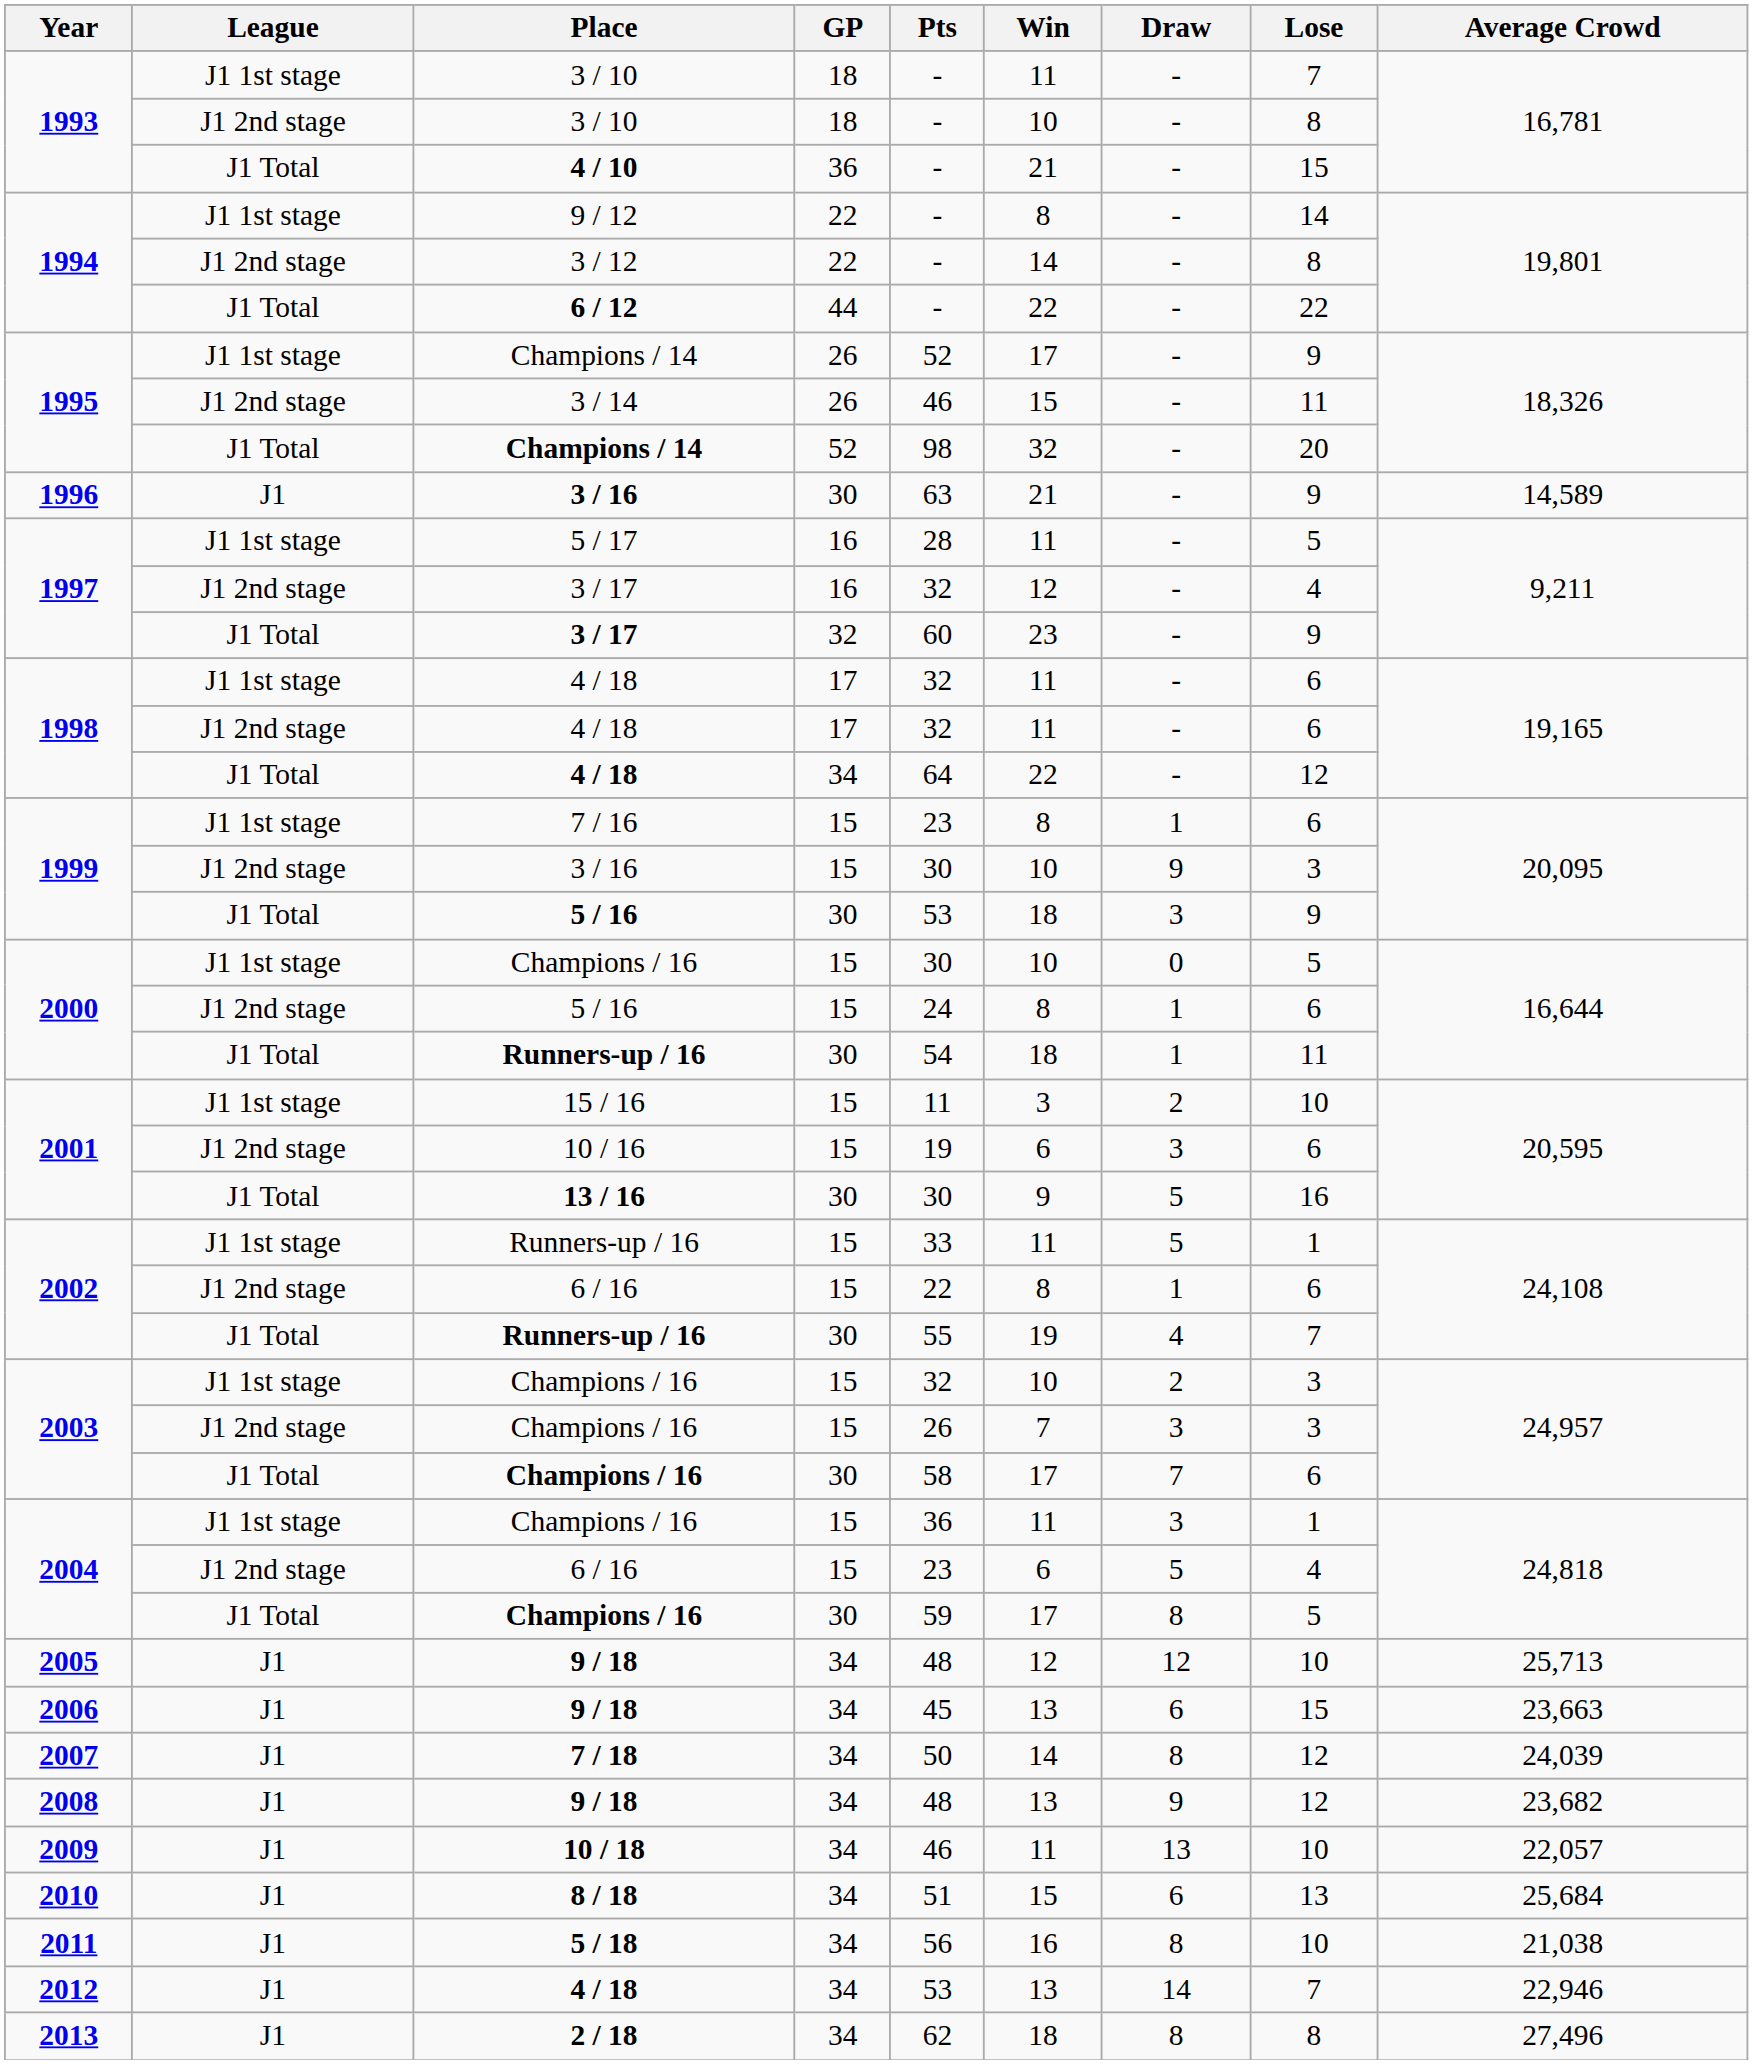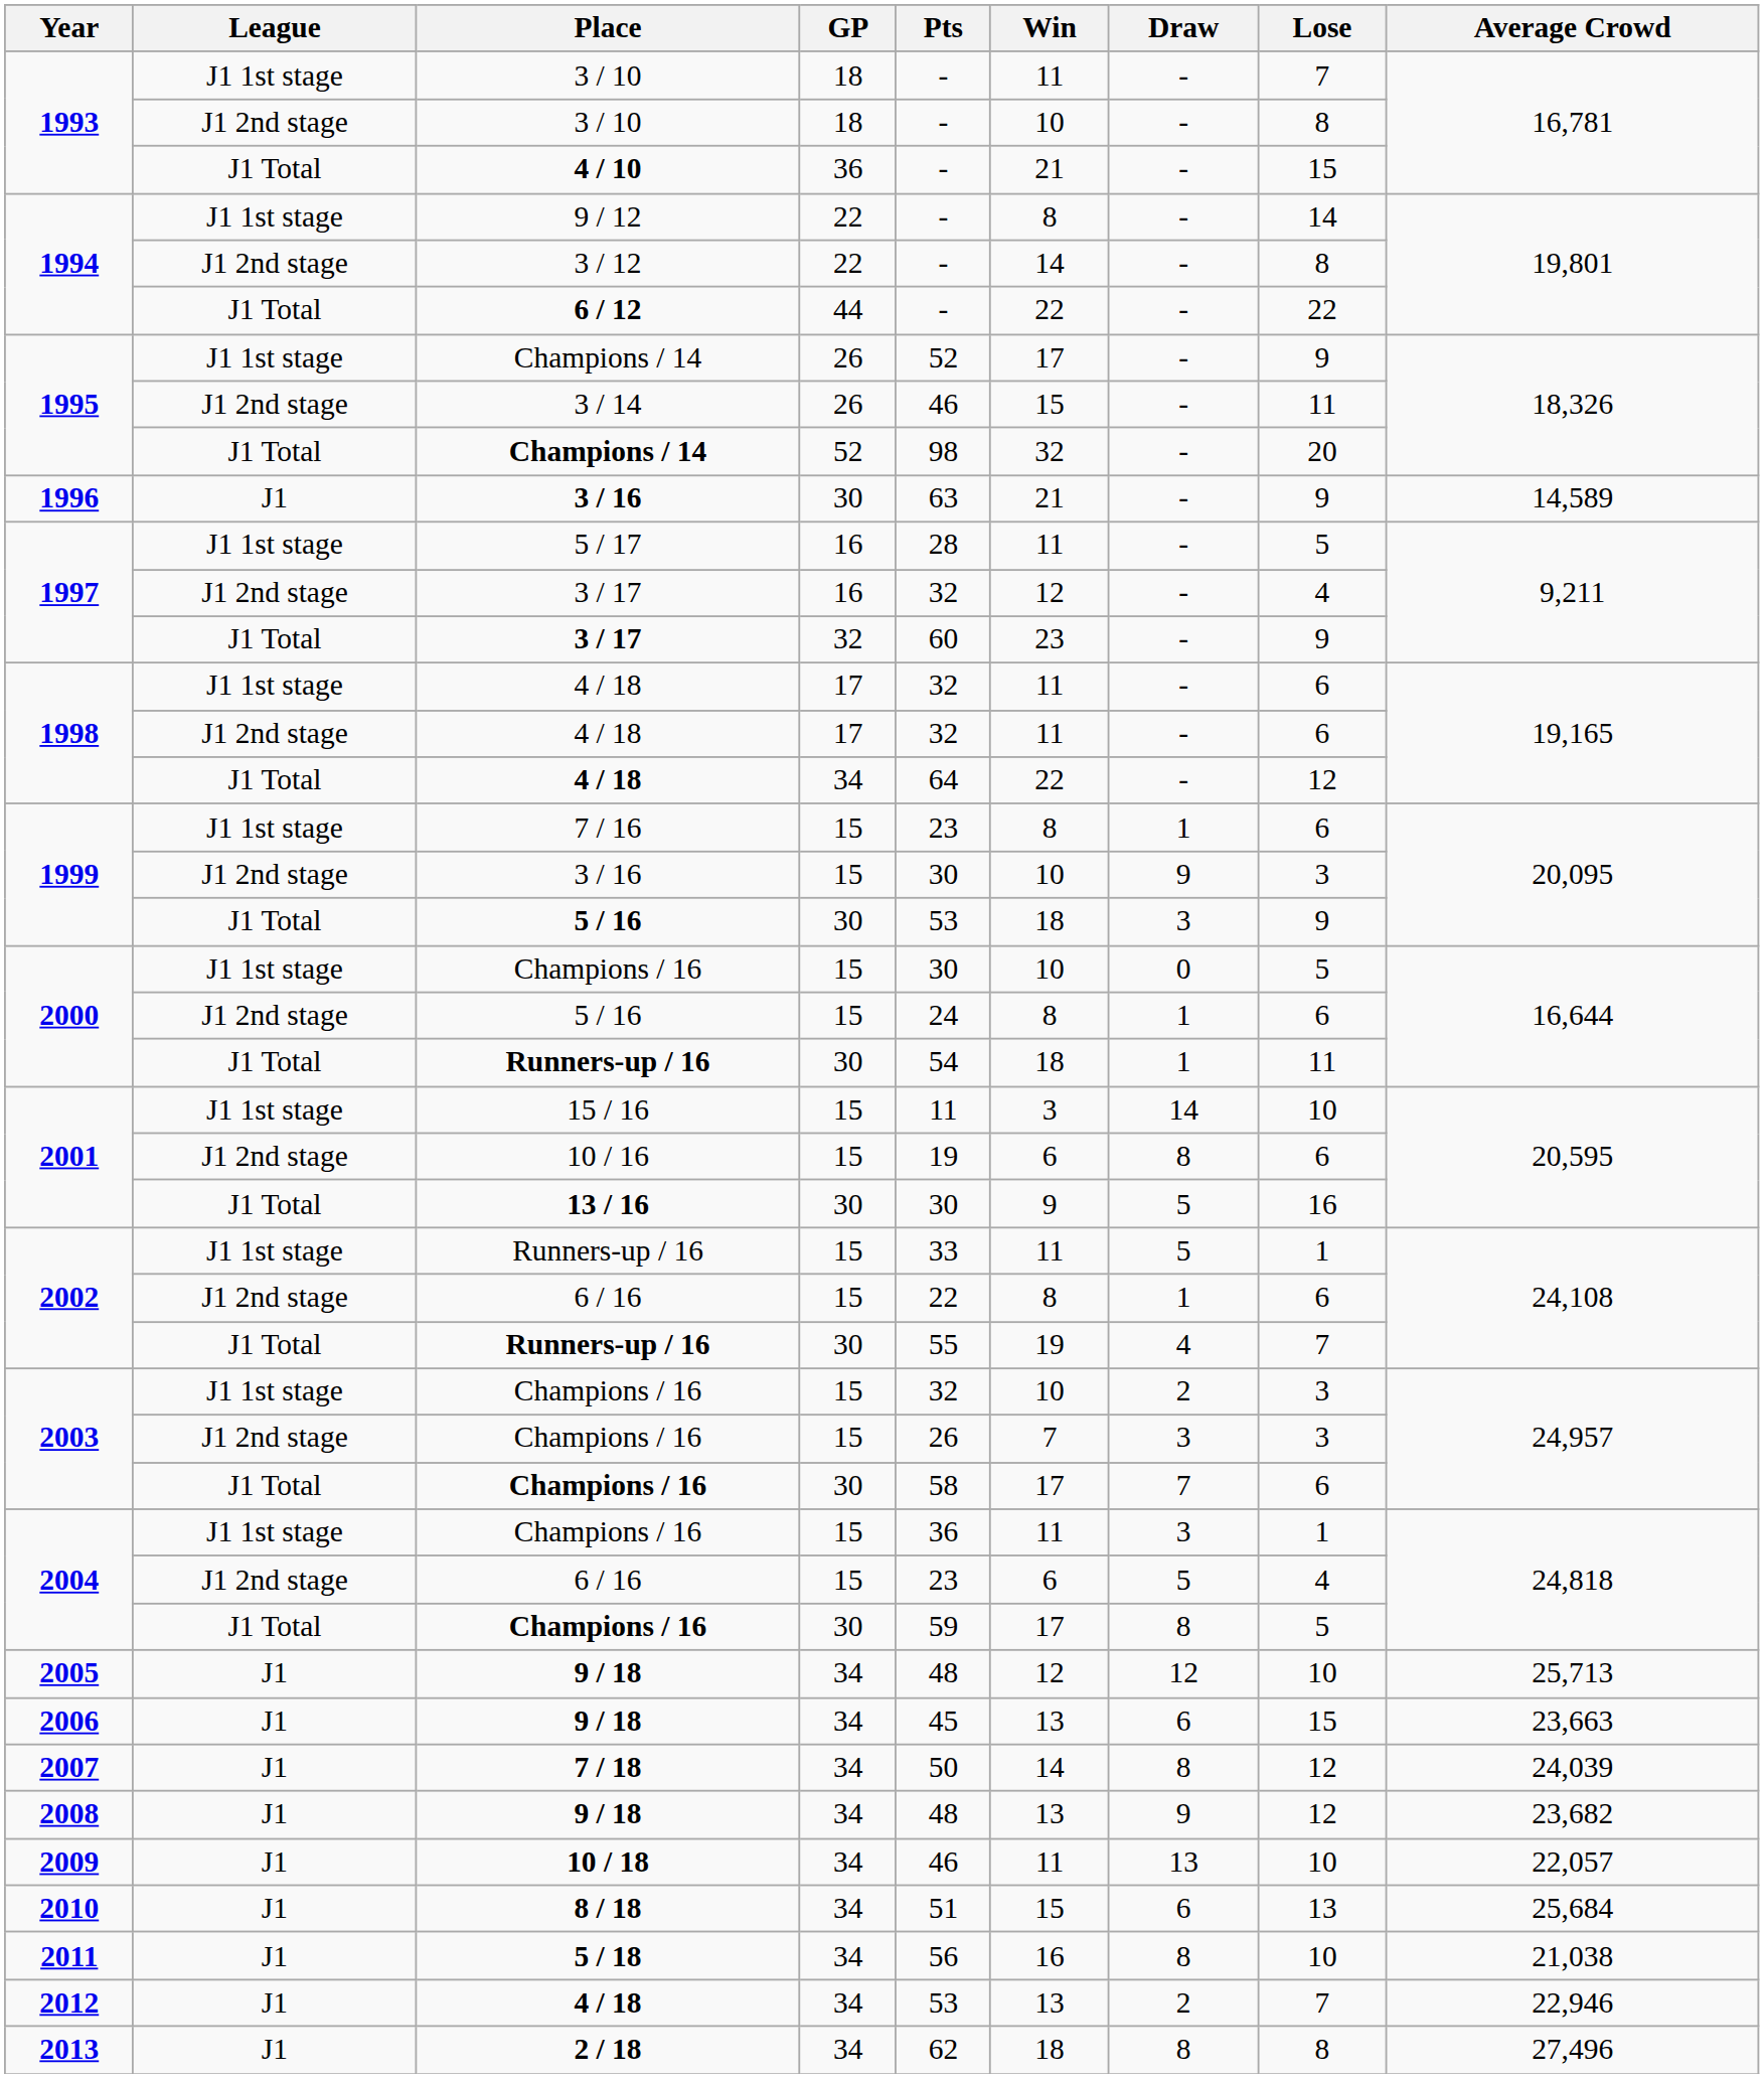 <table class="wikitable sortable" style="width:75%; align:center; text-align:center">
 <tr>
 <th>Year</th>
 <th>League</th>
 <th>Place</th>
 <th>GP</th>
 <th>Pts</th>
 <th>Win</th>
 <th>Draw</th>
 <th>Lose</th>
 <th>Average Crowd</th>
 </tr>
 <tr>
 <td rowspan="3"><strong><a href='#'>1993</a></strong></td>
 <td>J1 1st stage</td>
 <td>3 / 10</td>
 <td>18</td>
 <td>-</td>
 <td>11</td>
 <td>-</td>
 <td>7</td>
 <td rowspan="3">16,781</td>
 </tr>
 <tr>
 <td>J1 2nd stage</td>
 <td>3 / 10</td>
 <td>18</td>
 <td>-</td>
 <td>10</td>
 <td>-</td>
 <td>8</td>
 </tr>
 <tr>
 <td>J1 Total</td>
 <td><strong>4 / 10</strong></td>
 <td>36</td>
 <td>-</td>
 <td>21</td>
 <td>-</td>
 <td>15</td>
 </tr>
 <tr>
 <td rowspan="3"><strong><a href='#'>1994</a></strong></td>
 <td>J1 1st stage</td>
 <td>9 / 12</td>
 <td>22</td>
 <td>-</td>
 <td>8</td>
 <td>-</td>
 <td>14</td>
 <td rowspan="3">19,801</td>
 </tr>
 <tr>
 <td>J1 2nd stage</td>
 <td>3 / 12</td>
 <td>22</td>
 <td>-</td>
 <td>14</td>
 <td>-</td>
 <td>8</td>
 </tr>
 <tr>
 <td>J1 Total</td>
 <td><strong>6 / 12</strong></td>
 <td>44</td>
 <td>-</td>
 <td>22</td>
 <td>-</td>
 <td>22</td>
 </tr>
 <tr>
 <td rowspan="3"><strong><a href='#'>1995</a></strong></td>
 <td>J1 1st stage</td>
 <td>Champions / 14</td>
 <td>26</td>
 <td>52</td>
 <td>17</td>
 <td>-</td>
 <td>9</td>
 <td rowspan="3">18,326</td>
 </tr>
 <tr>
 <td>J1 2nd stage</td>
 <td>3 / 14</td>
 <td>26</td>
 <td>46</td>
 <td>15</td>
 <td>-</td>
 <td>11</td>
 </tr>
 <tr>
 <td>J1 Total</td>
 <td><strong>Champions / 14</strong></td>
 <td>52</td>
 <td>98</td>
 <td>32</td>
 <td>-</td>
 <td>20</td>
 </tr>
 <tr>
 <td><strong><a href='#'>1996</a></strong></td>
 <td>J1</td>
 <td><strong>3 / 16</strong></td>
 <td>30</td>
 <td>63</td>
 <td>21</td>
 <td>-</td>
 <td>9</td>
 <td>14,589</td>
 </tr>
 <tr>
 <td rowspan="3"><strong><a href='#'>1997</a></strong></td>
 <td>J1 1st stage</td>
 <td>5 / 17</td>
 <td>16</td>
 <td>28</td>
 <td>11</td>
 <td>-</td>
 <td>5</td>
 <td rowspan="3">9,211</td>
 </tr>
 <tr>
 <td>J1 2nd stage</td>
 <td>3 / 17</td>
 <td>16</td>
 <td>32</td>
 <td>12</td>
 <td>-</td>
 <td>4</td>
 </tr>
 <tr>
 <td>J1 Total</td>
 <td><strong>3 / 17</strong></td>
 <td>32</td>
 <td>60</td>
 <td>23</td>
 <td>-</td>
 <td>9</td>
 </tr>
 <tr>
 <td rowspan="3"><strong><a href='#'>1998</a></strong></td>
 <td>J1 1st stage</td>
 <td>4 / 18</td>
 <td>17</td>
 <td>32</td>
 <td>11</td>
 <td>-</td>
 <td>6</td>
 <td rowspan="3">19,165</td>
 </tr>
 <tr>
 <td>J1 2nd stage</td>
 <td>4 / 18</td>
 <td>17</td>
 <td>32</td>
 <td>11</td>
 <td>-</td>
 <td>6</td>
 </tr>
 <tr>
 <td>J1 Total</td>
 <td><strong>4 / 18</strong></td>
 <td>34</td>
 <td>64</td>
 <td>22</td>
 <td>-</td>
 <td>12</td>
 </tr>
 <tr>
 <td rowspan="3"><strong><a href='#'>1999</a></strong></td>
 <td>J1 1st stage</td>
 <td>7 / 16</td>
 <td>15</td>
 <td>23</td>
 <td>8</td>
 <td>1</td>
 <td>6</td>
 <td rowspan="3">20,095</td>
 </tr>
 <tr>
 <td>J1 2nd stage</td>
 <td>3 / 16</td>
 <td>15</td>
 <td>30</td>
 <td>10</td>
 <td>9</td>
 <td>3</td>
 </tr>
 <tr>
 <td>J1 Total</td>
 <td><strong>5 / 16</strong></td>
 <td>30</td>
 <td>53</td>
 <td>18</td>
 <td>3</td>
 <td>9</td>
 </tr>
 <tr>
 <td rowspan="3"><strong><a href='#'>2000</a></strong></td>
 <td>J1 1st stage</td>
 <td>Champions / 16</td>
 <td>15</td>
 <td>30</td>
 <td>10</td>
 <td>0</td>
 <td>5</td>
 <td rowspan="3">16,644</td>
 </tr>
 <tr>
 <td>J1 2nd stage</td>
 <td>5 / 16</td>
 <td>15</td>
 <td>24</td>
 <td>8</td>
 <td>1</td>
 <td>6</td>
 </tr>
 <tr>
 <td>J1 Total</td>
 <td><strong>Runners-up / 16</strong></td>
 <td>30</td>
 <td>54</td>
 <td>18</td>
 <td>1</td>
 <td>11</td>
 </tr>
 <tr>
 <td rowspan="3"><strong><a href='#'>2001</a></strong></td>
 <td>J1 1st stage</td>
 <td>15 / 16</td>
 <td>15</td>
 <td>11</td>
 <td>3</td>
-<td>2</td>
+<td>14</td>
 <td>10</td>
 <td rowspan="3">20,595</td>
 </tr>
 <tr>
 <td>J1 2nd stage</td>
 <td>10 / 16</td>
 <td>15</td>
 <td>19</td>
 <td>6</td>
-<td>3</td>
+<td>8</td>
 <td>6</td>
 </tr>
 <tr>
 <td>J1 Total</td>
 <td><strong>13 / 16</strong></td>
 <td>30</td>
 <td>30</td>
 <td>9</td>
 <td>5</td>
 <td>16</td>
 </tr>
 <tr>
 <td rowspan="3"><strong><a href='#'>2002</a></strong></td>
 <td>J1 1st stage</td>
 <td>Runners-up / 16</td>
 <td>15</td>
 <td>33</td>
 <td>11</td>
 <td>5</td>
 <td>1</td>
 <td rowspan="3">24,108</td>
 </tr>
 <tr>
 <td>J1 2nd stage</td>
 <td>6 / 16</td>
 <td>15</td>
 <td>22</td>
 <td>8</td>
 <td>1</td>
 <td>6</td>
 </tr>
 <tr>
 <td>J1 Total</td>
 <td><strong>Runners-up / 16</strong></td>
 <td>30</td>
 <td>55</td>
 <td>19</td>
 <td>4</td>
 <td>7</td>
 </tr>
 <tr>
 <td rowspan="3"><strong><a href='#'>2003</a></strong></td>
 <td>J1 1st stage</td>
 <td>Champions / 16</td>
 <td>15</td>
 <td>32</td>
 <td>10</td>
 <td>2</td>
 <td>3</td>
 <td rowspan="3">24,957</td>
 </tr>
 <tr>
 <td>J1 2nd stage</td>
 <td>Champions / 16</td>
 <td>15</td>
 <td>26</td>
 <td>7</td>
 <td>3</td>
 <td>3</td>
 </tr>
 <tr>
 <td>J1 Total</td>
 <td><strong>Champions / 16</strong></td>
 <td>30</td>
 <td>58</td>
 <td>17</td>
 <td>7</td>
 <td>6</td>
 </tr>
 <tr>
 <td rowspan="3"><strong><a href='#'>2004</a></strong></td>
 <td>J1 1st stage</td>
 <td>Champions / 16</td>
 <td>15</td>
 <td>36</td>
 <td>11</td>
 <td>3</td>
 <td>1</td>
 <td rowspan="3">24,818</td>
 </tr>
 <tr>
 <td>J1 2nd stage</td>
 <td>6 / 16</td>
 <td>15</td>
 <td>23</td>
 <td>6</td>
 <td>5</td>
 <td>4</td>
 </tr>
 <tr>
 <td>J1 Total</td>
 <td><strong>Champions / 16</strong></td>
 <td>30</td>
 <td>59</td>
 <td>17</td>
 <td>8</td>
 <td>5</td>
 </tr>
 <tr>
 <td><strong><a href='#'>2005</a></strong></td>
 <td>J1</td>
 <td><strong>9 / 18</strong></td>
 <td>34</td>
 <td>48</td>
 <td>12</td>
 <td>12</td>
 <td>10</td>
 <td>25,713</td>
 </tr>
 <tr>
 <td><strong><a href='#'>2006</a></strong></td>
 <td>J1</td>
 <td><strong>9 / 18</strong></td>
 <td>34</td>
 <td>45</td>
 <td>13</td>
 <td>6</td>
 <td>15</td>
 <td>23,663</td>
 </tr>
 <tr>
 <td><strong><a href='#'>2007</a></strong></td>
 <td>J1</td>
 <td><strong>7 / 18</strong></td>
 <td>34</td>
 <td>50</td>
 <td>14</td>
 <td>8</td>
 <td>12</td>
 <td>24,039</td>
 </tr>
 <tr>
 <td><strong><a href='#'>2008</a></strong></td>
 <td>J1</td>
 <td><strong>9 / 18</strong></td>
 <td>34</td>
 <td>48</td>
 <td>13</td>
 <td>9</td>
 <td>12</td>
 <td>23,682</td>
 </tr>
 <tr>
 <td><strong><a href='#'>2009</a></strong></td>
 <td>J1</td>
 <td><strong>10 / 18</strong></td>
 <td>34</td>
 <td>46</td>
 <td>11</td>
 <td>13</td>
 <td>10</td>
 <td>22,057</td>
 </tr>
 <tr>
 <td><strong><a href='#'>2010</a></strong></td>
 <td>J1</td>
 <td><strong>8 / 18</strong></td>
 <td>34</td>
 <td>51</td>
 <td>15</td>
 <td>6</td>
 <td>13</td>
 <td>25,684</td>
 </tr>
 <tr>
 <td><strong><a href='#'>2011</a></strong></td>
 <td>J1</td>
 <td><strong>5 / 18</strong></td>
 <td>34</td>
 <td>56</td>
 <td>16</td>
 <td>8</td>
 <td>10</td>
 <td>21,038</td>
 </tr>
 <tr>
 <td><strong><a href='#'>2012</a></strong></td>
 <td>J1</td>
 <td><strong>4 / 18</strong></td>
 <td>34</td>
 <td>53</td>
 <td>13</td>
-<td>14</td>
+<td>2</td>
 <td>7</td>
 <td>22,946</td>
 </tr>
 <tr>
 <td><strong><a href='#'>2013</a></strong></td>
 <td>J1</td>
 <td><strong>2 / 18</strong></td>
 <td>34</td>
 <td>62</td>
 <td>18</td>
 <td>8</td>
 <td>8</td>
 <td>27,496</td>
 </tr>
 </table>
